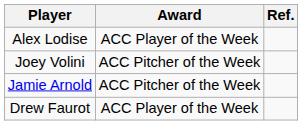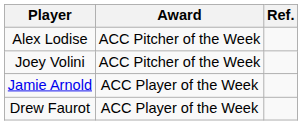 <table class="wikitable" style="text-align:center;">
 <tr>
 <th>Player</th>
 <th>Award</th>
 <th>Ref.</th>
 </tr>
 <tr>
 <td>Alex Lodise</td>
-<td>ACC Player of the Week</td>
+<td>ACC Pitcher of the Week</td>
 <td></td>
 </tr>
 <tr>
 <td>Joey Volini</td>
 <td>ACC Pitcher of the Week</td>
 <td></td>
 </tr>
 <tr>
 <td><a href='#'>Jamie Arnold</a></td>
-<td>ACC Pitcher of the Week</td>
+<td>ACC Player of the Week</td>
 <td></td>
 </tr>
 <tr>
 <td>Drew Faurot</td>
 <td>ACC Player of the Week</td>
 <td></td>
 </tr>
 </table>
